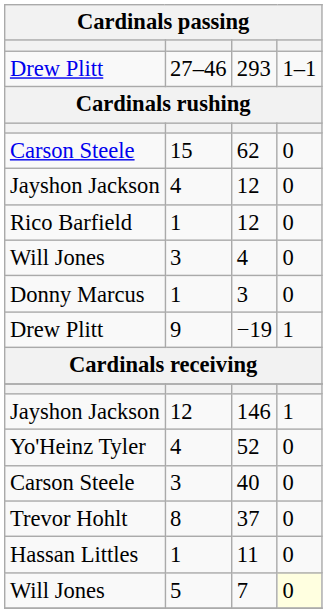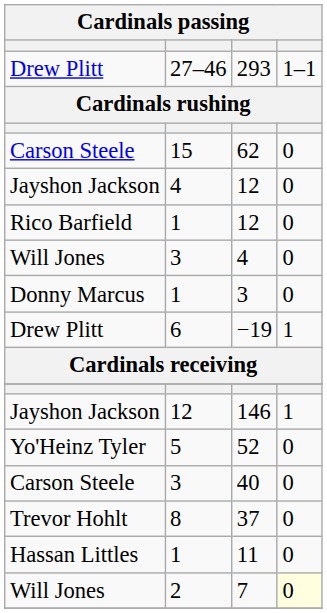 <table class="wikitable plainrowheaders">
 <tr>
 <th colspan="6">Cardinals passing</th>
 </tr>
 <tr>
 <th scope="col"></th>
 <th scope="col"></th>
 <th scope="col"></th>
 <th scope="col"></th>
 </tr>
 <tr>
 <td><a href='#'>Drew Plitt</a></td>
 <td>27–46</td>
 <td>293</td>
 <td>1–1</td>
 </tr>
 <tr>
 <th colspan="6">Cardinals rushing</th>
 </tr>
 <tr>
 <th scope="col"></th>
 <th scope="col"></th>
 <th scope="col"></th>
 <th scope="col"></th>
 </tr>
 <tr>
 <td><a href='#'>Carson Steele</a></td>
 <td>15</td>
 <td>62</td>
 <td>0</td>
 </tr>
 <tr>
 <td>Jayshon Jackson</td>
 <td>4</td>
 <td>12</td>
 <td>0</td>
 </tr>
 <tr>
 <td>Rico Barfield</td>
 <td>1</td>
 <td>12</td>
 <td>0</td>
 </tr>
 <tr>
 <td>Will Jones</td>
 <td>3</td>
 <td>4</td>
 <td>0</td>
 </tr>
 <tr>
 <td>Donny Marcus</td>
 <td>1</td>
 <td>3</td>
 <td>0</td>
 </tr>
 <tr>
 <td>Drew Plitt</td>
-<td>9</td>
+<td>6</td>
 <td>−19</td>
 <td>1</td>
 </tr>
 <tr>
 <th colspan="6">Cardinals receiving</th>
 </tr>
 <tr>
 </tr>
 <tr>
 <th scope="col"></th>
 <th scope="col"></th>
 <th scope="col"></th>
 <th scope="col"></th>
 </tr>
 <tr>
 <td>Jayshon Jackson</td>
 <td>12</td>
 <td>146</td>
 <td>1</td>
 </tr>
 <tr>
 <td>Yo'Heinz Tyler</td>
-<td>4</td>
+<td>5</td>
 <td>52</td>
 <td>0</td>
 </tr>
 <tr>
 <td>Carson Steele</td>
 <td>3</td>
 <td>40</td>
 <td>0</td>
 </tr>
 <tr>
 <td>Trevor Hohlt</td>
 <td>8</td>
 <td>37</td>
 <td>0</td>
 </tr>
 <tr>
 <td>Hassan Littles</td>
 <td>1</td>
 <td>11</td>
 <td>0</td>
 </tr>
 <tr>
 <td>Will Jones</td>
-<td>5</td>
+<td>2</td>
 <td>7</td>
 <td style="background: lightyellow;">0</td>
 </tr>
 <tr>
 </tr>
 </table>
